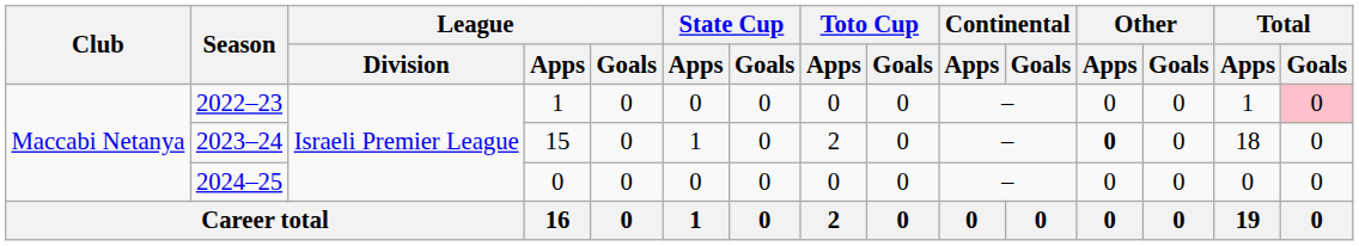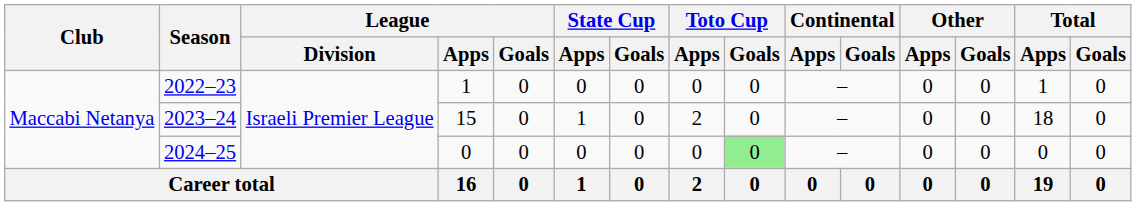 <table class="wikitable" style="text-align: center">
 <tr>
 <th rowspan="2">Club</th>
 <th rowspan="2">Season</th>
 <th colspan="3">League</th>
 <th colspan="2"><a href='#'>State Cup</a></th>
 <th colspan="2"><a href='#'>Toto Cup</a></th>
 <th colspan="2">Continental</th>
 <th colspan="2">Other</th>
 <th colspan="2">Total</th>
 </tr>
 <tr>
 <th>Division</th>
 <th>Apps</th>
 <th>Goals</th>
 <th>Apps</th>
 <th>Goals</th>
 <th>Apps</th>
 <th>Goals</th>
 <th>Apps</th>
 <th>Goals</th>
 <th>Apps</th>
 <th>Goals</th>
 <th>Apps</th>
 <th>Goals</th>
 </tr>
 <tr>
 <td rowspan="3"><a href='#'>Maccabi Netanya</a></td>
 <td><a href='#'>2022–23</a></td>
 <td rowspan="3"><a href='#'>Israeli Premier League</a></td>
 <td>1</td>
 <td>0</td>
 <td>0</td>
 <td>0</td>
 <td>0</td>
 <td>0</td>
 <td colspan="2">–</td>
 <td>0</td>
 <td>0</td>
 <td>1</td>
-<td style="background: pink;">0</td>
+<td>0</td>
 </tr>
 <tr>
 <td><a href='#'>2023–24</a></td>
 <td>15</td>
 <td>0</td>
 <td>1</td>
 <td>0</td>
 <td>2</td>
 <td>0</td>
 <td colspan="2">–</td>
-<td><strong>0</strong></td>
+<td>0</td>
 <td>0</td>
 <td>18</td>
 <td>0</td>
 </tr>
 <tr>
 <td><a href='#'>2024–25</a></td>
 <td>0</td>
 <td>0</td>
 <td>0</td>
 <td>0</td>
 <td>0</td>
-<td>0</td>
+<td style="background: lightgreen;">0</td>
 <td colspan="2">–</td>
 <td>0</td>
 <td>0</td>
 <td>0</td>
 <td>0</td>
 </tr>
 <tr>
 <th colspan="3"><strong>Career total</strong></th>
 <th>16</th>
 <th>0</th>
 <th>1</th>
 <th>0</th>
 <th>2</th>
 <th>0</th>
 <th>0</th>
 <th>0</th>
 <th>0</th>
 <th>0</th>
 <th>19</th>
 <th>0</th>
 </tr>
 </table>
